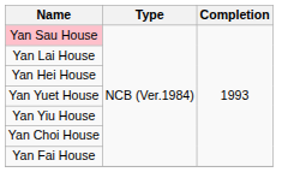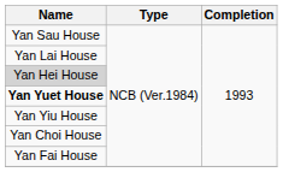 <table class="wikitable" style="text-align: center">
 <tr>
 <th>Name</th>
 <th>Type</th>
 <th>Completion</th>
 </tr>
 <tr>
-<td style="background: pink;">Yan Sau House</td>
+<td>Yan Sau House</td>
 <td rowspan="7">NCB (Ver.1984)</td>
 <td rowspan="7">1993</td>
 </tr>
 <tr>
 <td>Yan Lai House</td>
 </tr>
 <tr>
-<td>Yan Hei House</td>
+<td style="background: lightgrey;">Yan Hei House</td>
 </tr>
 <tr>
-<td>Yan Yuet House</td>
+<td><strong>Yan Yuet House</strong></td>
 </tr>
 <tr>
 <td>Yan Yiu House</td>
 </tr>
 <tr>
 <td>Yan Choi House</td>
 </tr>
 <tr>
 <td>Yan Fai House</td>
 </tr>
 <tr>
 </tr>
 </table>
